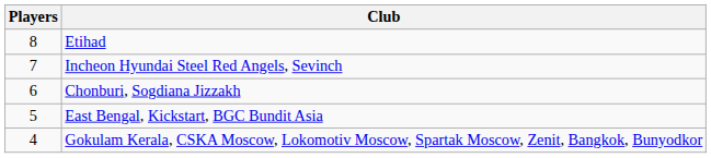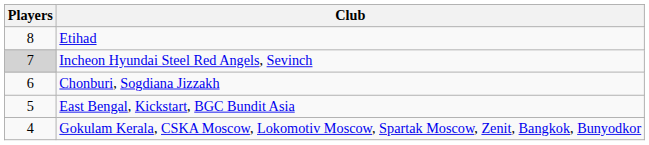 <table class="wikitable">
 <tr>
 <th>Players</th>
 <th>Club</th>
 </tr>
 <tr>
 <td align="center">8</td>
 <td> <a href='#'>Etihad</a></td>
 </tr>
 <tr>
-<td align="center">7</td>
+<td align="center" style="background: lightgrey;">7</td>
 <td> <a href='#'>Incheon Hyundai Steel Red Angels</a>,  <a href='#'>Sevinch</a></td>
 </tr>
 <tr>
 <td align="center">6</td>
 <td> <a href='#'>Chonburi</a>,  <a href='#'>Sogdiana Jizzakh</a></td>
 </tr>
 <tr>
 <td align="center">5</td>
 <td> <a href='#'>East Bengal</a>,  <a href='#'>Kickstart</a>,  <a href='#'>BGC Bundit Asia</a></td>
 </tr>
 <tr>
 <td align="center">4</td>
 <td> <a href='#'>Gokulam Kerala</a>,  <a href='#'>CSKA Moscow</a>,  <a href='#'>Lokomotiv Moscow</a>,  <a href='#'>Spartak Moscow</a>,  <a href='#'>Zenit</a>,  <a href='#'>Bangkok</a>,  <a href='#'>Bunyodkor</a></td>
 </tr>
 </table>
